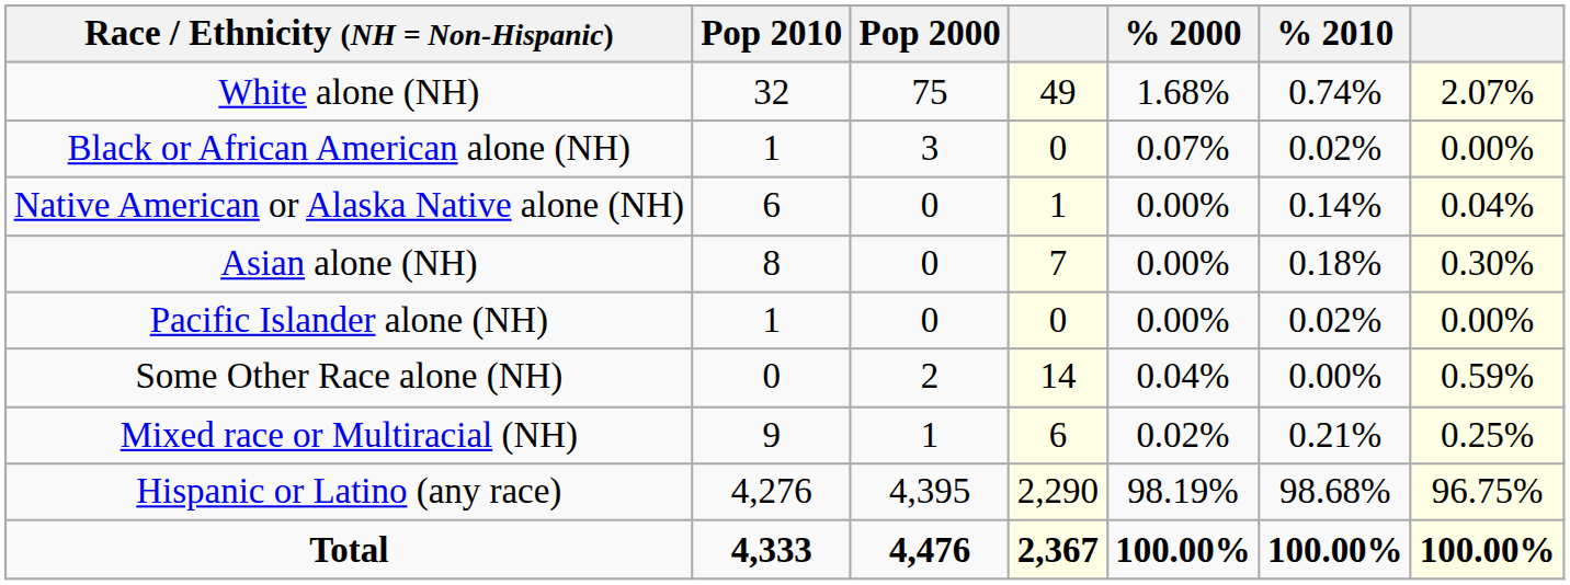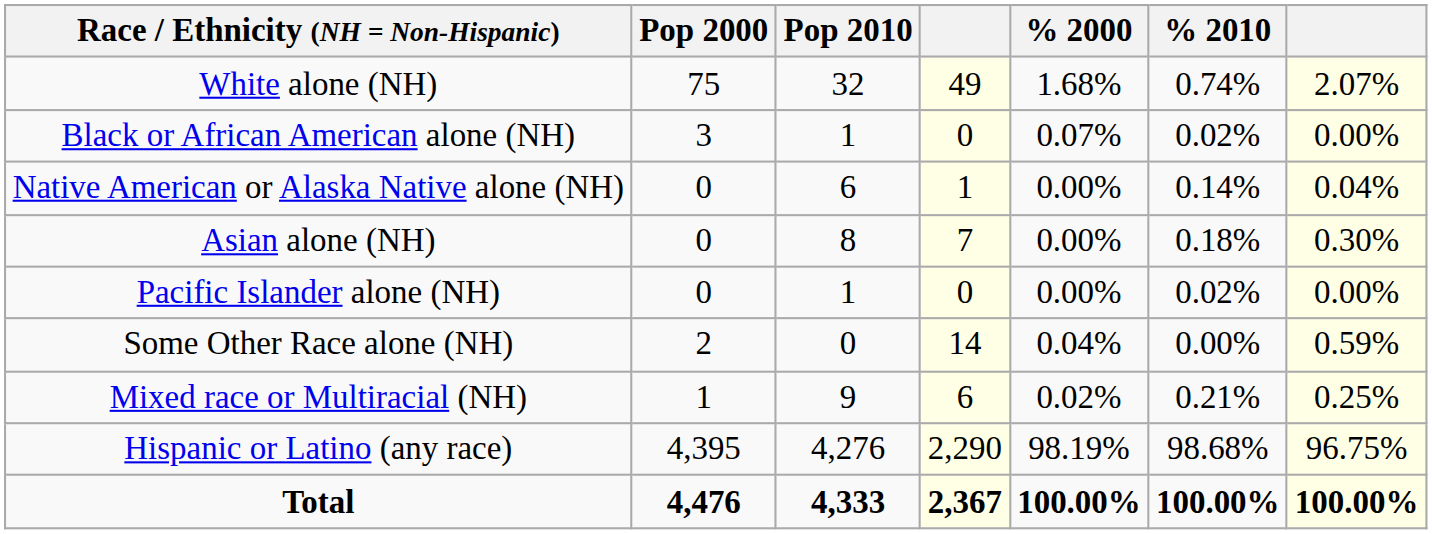 <table class="wikitable" style="text-align:center;">
 <tr>
 <th>Race / Ethnicity <small>(<em>NH = Non-Hispanic</em>)</small></th>
+<th>Pop 2000</th>
 <th>Pop 2010</th>
-<th>Pop 2000</th>
 <th></th>
 <th>% 2000</th>
 <th>% 2010</th>
 <th></th>
 </tr>
 <tr>
 <td><a href='#'>White</a> alone (NH)</td>
+<td>75</td>
 <td>32</td>
-<td>75</td>
 <td style='background: #ffffe6;'>49</td>
 <td>1.68%</td>
 <td>0.74%</td>
 <td style='background: #ffffe6;'>2.07%</td>
 </tr>
 <tr>
 <td><a href='#'>Black or African American</a> alone (NH)</td>
+<td>3</td>
 <td>1</td>
-<td>3</td>
 <td style='background: #ffffe6;'>0</td>
 <td>0.07%</td>
 <td>0.02%</td>
 <td style='background: #ffffe6;'>0.00%</td>
 </tr>
 <tr>
 <td><a href='#'>Native American</a> or <a href='#'>Alaska Native</a> alone (NH)</td>
+<td>0</td>
 <td>6</td>
-<td>0</td>
 <td style='background: #ffffe6;'>1</td>
 <td>0.00%</td>
 <td>0.14%</td>
 <td style='background: #ffffe6;'>0.04%</td>
 </tr>
 <tr>
 <td><a href='#'>Asian</a> alone (NH)</td>
+<td>0</td>
 <td>8</td>
-<td>0</td>
 <td style='background: #ffffe6;'>7</td>
 <td>0.00%</td>
 <td>0.18%</td>
 <td style='background: #ffffe6;'>0.30%</td>
 </tr>
 <tr>
 <td><a href='#'>Pacific Islander</a> alone (NH)</td>
+<td>0</td>
 <td>1</td>
-<td>0</td>
 <td style='background: #ffffe6;'>0</td>
 <td>0.00%</td>
 <td>0.02%</td>
 <td style='background: #ffffe6;'>0.00%</td>
 </tr>
 <tr>
 <td>Some Other Race alone (NH)</td>
+<td>2</td>
 <td>0</td>
-<td>2</td>
 <td style='background: #ffffe6;'>14</td>
 <td>0.04%</td>
 <td>0.00%</td>
 <td style='background: #ffffe6;'>0.59%</td>
 </tr>
 <tr>
 <td><a href='#'>Mixed race or Multiracial</a> (NH)</td>
+<td>1</td>
 <td>9</td>
-<td>1</td>
 <td style='background: #ffffe6;'>6</td>
 <td>0.02%</td>
 <td>0.21%</td>
 <td style='background: #ffffe6;'>0.25%</td>
 </tr>
 <tr>
 <td><a href='#'>Hispanic or Latino</a> (any race)</td>
+<td>4,395</td>
 <td>4,276</td>
-<td>4,395</td>
 <td style='background: #ffffe6;'>2,290</td>
 <td>98.19%</td>
 <td>98.68%</td>
 <td style='background: #ffffe6;'>96.75%</td>
 </tr>
 <tr>
 <td><strong>Total</strong></td>
+<td><strong>4,476</strong></td>
 <td><strong>4,333</strong></td>
-<td><strong>4,476</strong></td>
 <td style='background: #ffffe6;'><strong>2,367</strong></td>
 <td><strong>100.00%</strong></td>
 <td><strong>100.00%</strong></td>
 <td style='background: #ffffe6;'><strong>100.00%</strong></td>
 </tr>
 </table>
